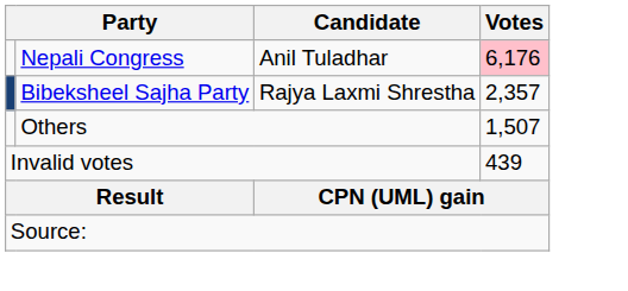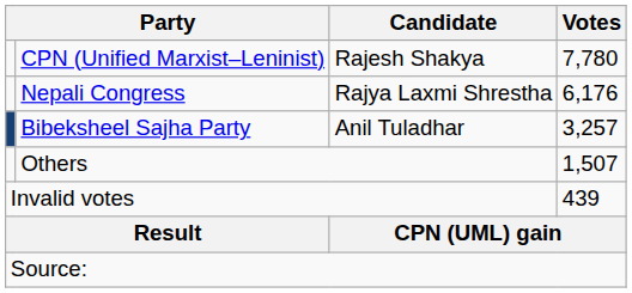 <table class="wikitable">
 <tr>
 <th colspan="2">Party</th>
 <th>Candidate</th>
 <th>Votes</th>
 </tr>
 <tr>
 <td style="background-color:"></td>
+<td><a href='#'>CPN (Unified Marxist–Leninist)</a></td>
+<td>Rajesh Shakya</td>
+<td>7,780</td>
+</tr>
+<tr>
+<td style="background-color:"></td>
 <td><a href='#'>Nepali Congress</a></td>
-<td>Anil Tuladhar</td>
-<td style="background: pink;">6,176</td>
+<td>Rajya Laxmi Shrestha</td>
+<td>6,176</td>
 </tr>
 <tr>
 <td style="background-color:#183F73"></td>
 <td><a href='#'>Bibeksheel Sajha Party</a></td>
-<td>Rajya Laxmi Shrestha</td>
-<td>2,357</td>
+<td>Anil Tuladhar</td>
+<td>3,257</td>
 </tr>
 <tr>
 <td></td>
 <td colspan="2">Others</td>
 <td>1,507</td>
 </tr>
 <tr>
 <td colspan="3">Invalid votes</td>
 <td>439</td>
 </tr>
 <tr>
 <th colspan="2">Result</th>
 <th colspan="2">CPN (UML) gain</th>
 </tr>
 <tr>
 <td colspan="4">Source: </td>
 </tr>
 </table>
